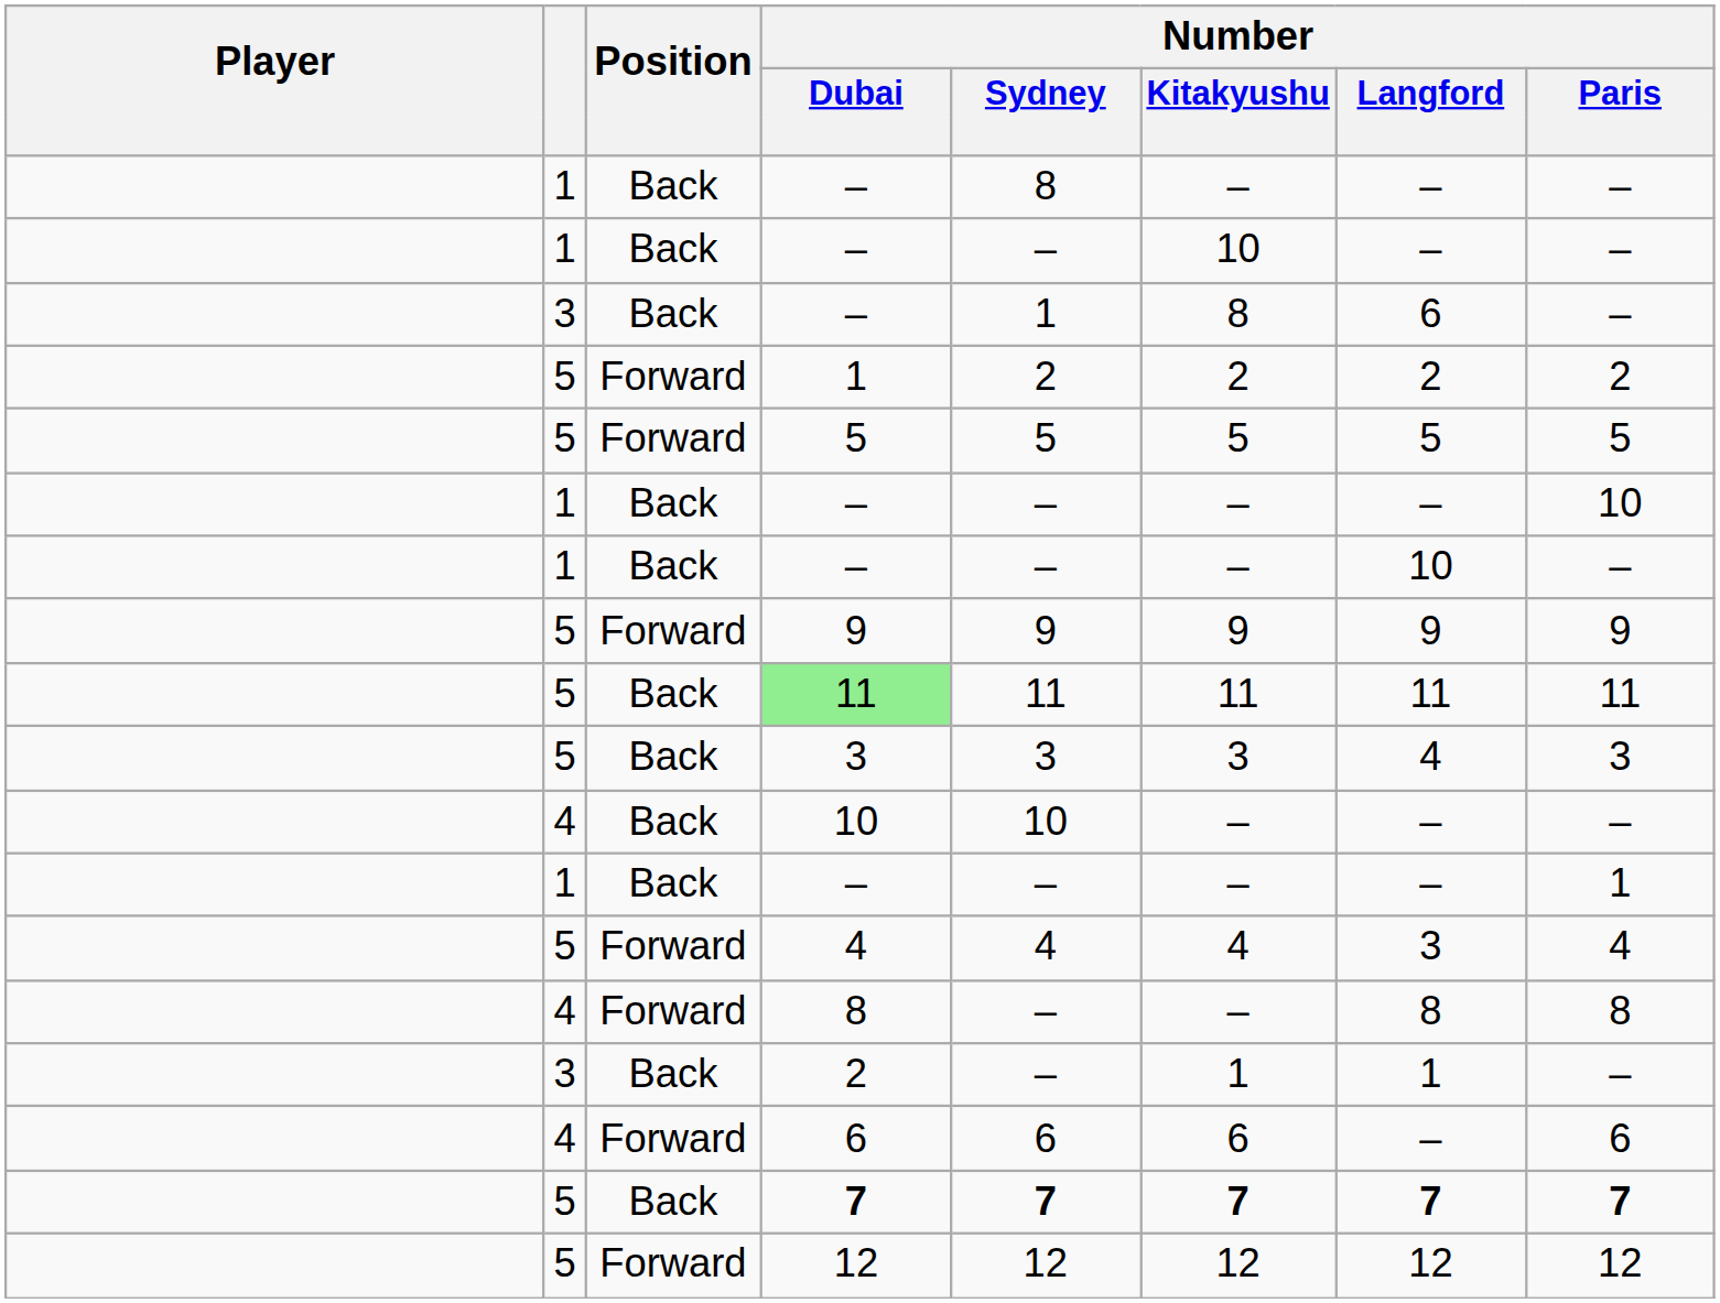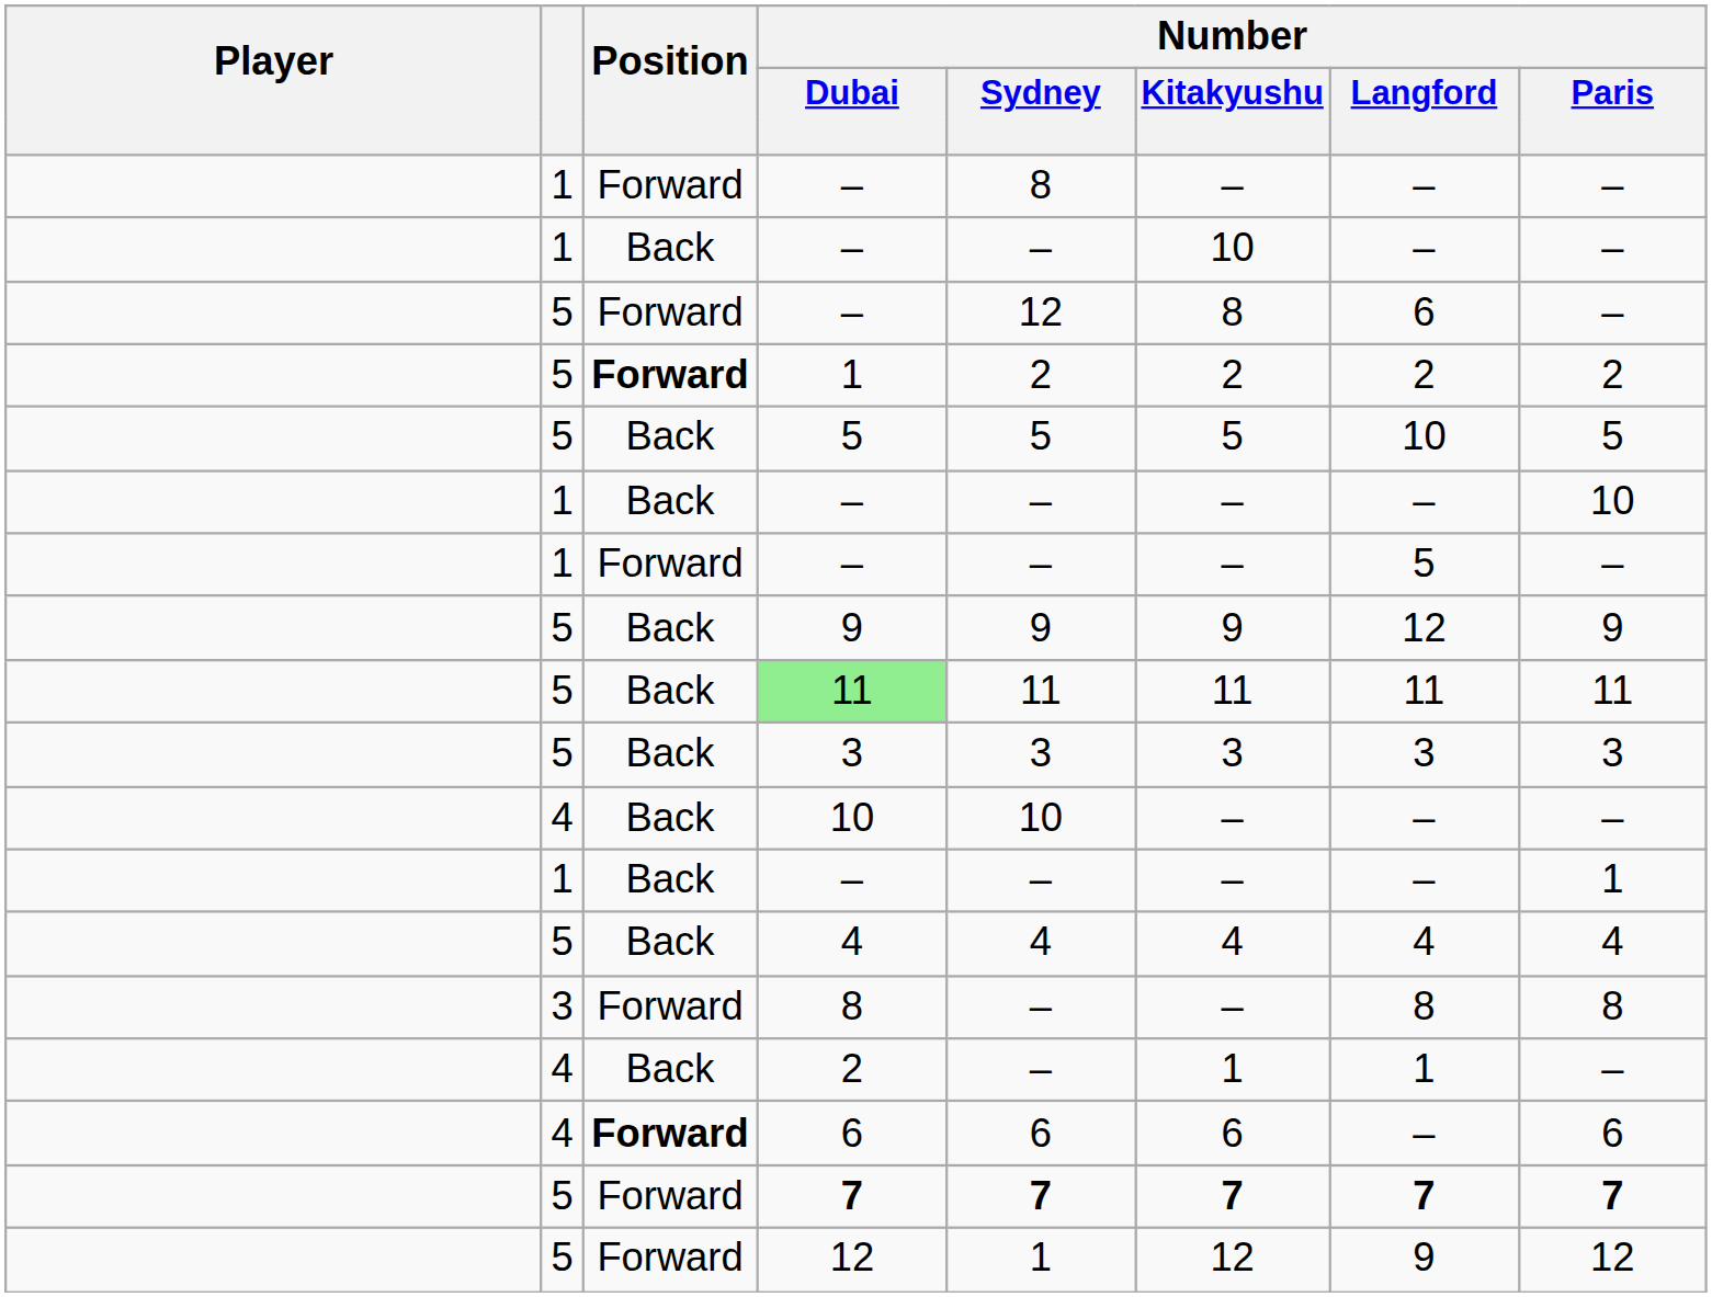 <table class="wikitable sortable" style="text-align:center;">
 <tr>
 <th rowspan="2" style="border-bottom:0; width:13em;">Player</th>
 <th rowspan="2" style="border-bottom:0;"></th>
 <th rowspan="2" style="border-bottom:0;">Position</th>
 <th colspan=5>Number</th>
 </tr>
 <tr>
 <th style="vertical-align:top; width:5.2em; border-bottom:0; padding:2px; font-size:85%;"><a href='#'>Dubai</a></th>
 <th style="vertical-align:top; width:5.2em; border-bottom:0; padding:2px; font-size:85%;"><a href='#'>Sydney</a></th>
 <th style="vertical-align:top; width:5.2em; border-bottom:0; padding:2px; font-size:85%;"><a href='#'>Kitakyushu</a></th>
 <th style="vertical-align:top; width:5.2em; border-bottom:0; padding:2px; font-size:85%;"><a href='#'>Langford</a></th>
 <th style="vertical-align:top; width:5.2em; border-bottom:0; padding:2px; font-size:85%;"><a href='#'>Paris</a></th>
 </tr>
 <tr style="line-height:8px;">
 <th style="border-top:0;"> </th>
 <th style="border-top:0;"></th>
 <th style="border-top:0;"></th>
 <th data-sort-type="number" style="border-top:0;"></th>
 <th data-sort-type="number" style="border-top:0;"></th>
 <th data-sort-type="number" style="border-top:0;"></th>
 <th data-sort-type="number" style="border-top:0;"></th>
 <th data-sort-type="number" style="border-top:0;"></th>
 </tr>
 <tr>
 <td align=left></td>
 <td>1</td>
-<td>Back</td>
+<td>Forward</td>
 <td>–</td>
 <td>8</td>
 <td>–</td>
 <td>–</td>
 <td>–</td>
 </tr>
 <tr>
 <td align=left></td>
 <td>1</td>
 <td>Back</td>
 <td>–</td>
 <td>–</td>
 <td>10</td>
 <td>–</td>
 <td>–</td>
 </tr>
 <tr>
 <td align=left></td>
-<td>3</td>
-<td>Back</td>
+<td>5</td>
+<td>Forward</td>
 <td>–</td>
-<td>1</td>
+<td>12</td>
 <td>8</td>
 <td>6</td>
 <td>–</td>
 </tr>
 <tr>
 <td align=left></td>
 <td>5</td>
-<td>Forward</td>
+<td><strong>Forward</strong></td>
 <td>1</td>
 <td>2</td>
 <td>2</td>
 <td>2</td>
 <td>2</td>
 </tr>
 <tr>
 <td align=left></td>
 <td>5</td>
-<td>Forward</td>
+<td>Back</td>
 <td>5</td>
 <td>5</td>
 <td>5</td>
-<td>5</td>
+<td>10</td>
 <td>5</td>
 </tr>
 <tr>
 <td align=left></td>
 <td>1</td>
 <td>Back</td>
 <td>–</td>
 <td>–</td>
 <td>–</td>
 <td>–</td>
 <td>10</td>
 </tr>
 <tr>
 <td align=left></td>
 <td>1</td>
-<td>Back</td>
+<td>Forward</td>
 <td>–</td>
 <td>–</td>
 <td>–</td>
-<td>10</td>
+<td>5</td>
 <td>–</td>
 </tr>
 <tr>
 <td align=left></td>
 <td>5</td>
-<td>Forward</td>
+<td>Back</td>
 <td>9</td>
 <td>9</td>
 <td>9</td>
-<td>9</td>
+<td>12</td>
 <td>9</td>
 </tr>
 <tr>
 <td align=left></td>
 <td>5</td>
 <td>Back</td>
 <td style="background: lightgreen;">11</td>
 <td>11</td>
 <td>11</td>
 <td>11</td>
 <td>11</td>
 </tr>
 <tr>
 <td align=left></td>
 <td>5</td>
 <td>Back</td>
 <td>3</td>
 <td>3</td>
 <td>3</td>
-<td>4</td>
+<td>3</td>
 <td>3</td>
 </tr>
 <tr>
 <td align=left></td>
 <td>4</td>
 <td>Back</td>
 <td>10</td>
 <td>10</td>
 <td>–</td>
 <td>–</td>
 <td>–</td>
 </tr>
 <tr>
 <td align=left></td>
 <td>1</td>
 <td>Back</td>
 <td>–</td>
 <td>–</td>
 <td>–</td>
 <td>–</td>
 <td>1</td>
 </tr>
 <tr>
 <td align=left></td>
 <td>5</td>
-<td>Forward</td>
+<td>Back</td>
 <td>4</td>
 <td>4</td>
 <td>4</td>
-<td>3</td>
+<td>4</td>
 <td>4</td>
 </tr>
 <tr>
 <td align=left></td>
-<td>4</td>
+<td>3</td>
 <td>Forward</td>
 <td>8</td>
 <td>–</td>
 <td>–</td>
 <td>8</td>
 <td>8</td>
 </tr>
 <tr>
 <td align=left></td>
-<td>3</td>
+<td>4</td>
 <td>Back</td>
 <td>2</td>
 <td>–</td>
 <td>1</td>
 <td>1</td>
 <td>–</td>
 </tr>
 <tr>
 <td align=left></td>
 <td>4</td>
-<td>Forward</td>
+<td><strong>Forward</strong></td>
 <td>6</td>
 <td>6</td>
 <td>6</td>
 <td>–</td>
 <td>6</td>
 </tr>
 <tr>
 <td align=left></td>
 <td>5</td>
-<td>Back</td>
+<td>Forward</td>
 <td><strong>7</strong></td>
 <td><strong>7</strong></td>
 <td><strong>7</strong></td>
 <td><strong>7</strong></td>
 <td><strong>7</strong></td>
 </tr>
 <tr>
 <td align=left></td>
 <td>5</td>
 <td>Forward</td>
 <td>12</td>
+<td>1</td>
 <td>12</td>
-<td>12</td>
-<td>12</td>
+<td>9</td>
 <td>12</td>
 </tr>
 </table>
